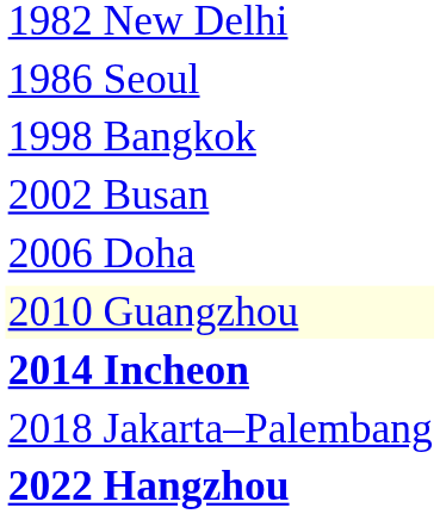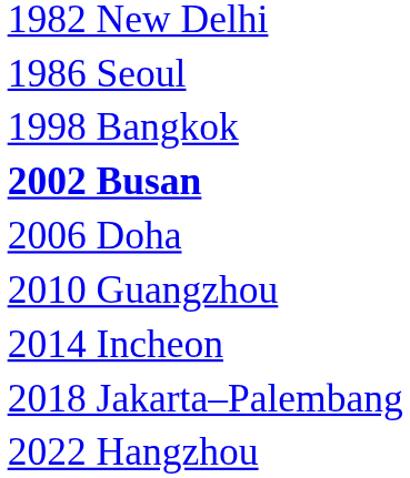 <table>
 <tr>
 <td><a href='#'>1982 New Delhi</a></td>
 <td></td>
 <td></td>
 <td></td>
 </tr>
 <tr>
 <td><a href='#'>1986 Seoul</a></td>
 <td></td>
 <td></td>
 <td></td>
 </tr>
 <tr>
 <td><a href='#'>1998 Bangkok</a></td>
 <td></td>
 <td></td>
 <td></td>
 </tr>
 <tr>
-<td><a href='#'>2002 Busan</a></td>
+<td><strong><a href='#'>2002 Busan</a></strong></td>
 <td></td>
 <td></td>
 <td></td>
 </tr>
 <tr>
 <td><a href='#'>2006 Doha</a></td>
 <td></td>
 <td></td>
 <td></td>
 </tr>
 <tr>
-<td style="background: lightyellow;"><a href='#'>2010 Guangzhou</a></td>
+<td><a href='#'>2010 Guangzhou</a></td>
 <td></td>
 <td></td>
 <td></td>
 </tr>
 <tr>
-<td><strong><a href='#'>2014 Incheon</a></strong></td>
+<td><a href='#'>2014 Incheon</a></td>
 <td></td>
 <td></td>
 <td></td>
 </tr>
 <tr>
 <td><a href='#'>2018 Jakarta–Palembang</a></td>
 <td></td>
 <td></td>
 <td></td>
 </tr>
 <tr>
-<td><strong><a href='#'>2022 Hangzhou</a></strong></td>
+<td><a href='#'>2022 Hangzhou</a></td>
 <td></td>
 <td></td>
 <td></td>
 </tr>
 </table>
